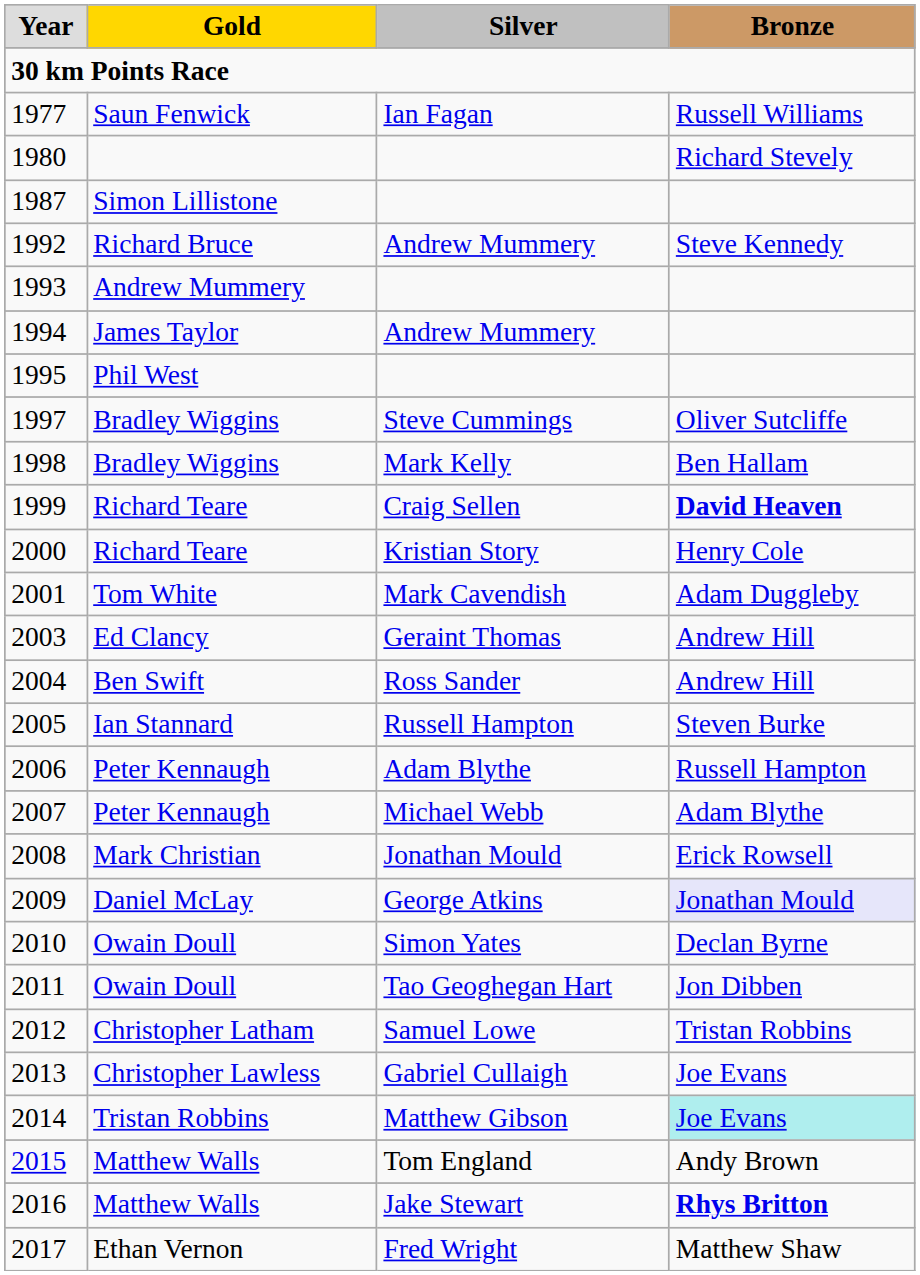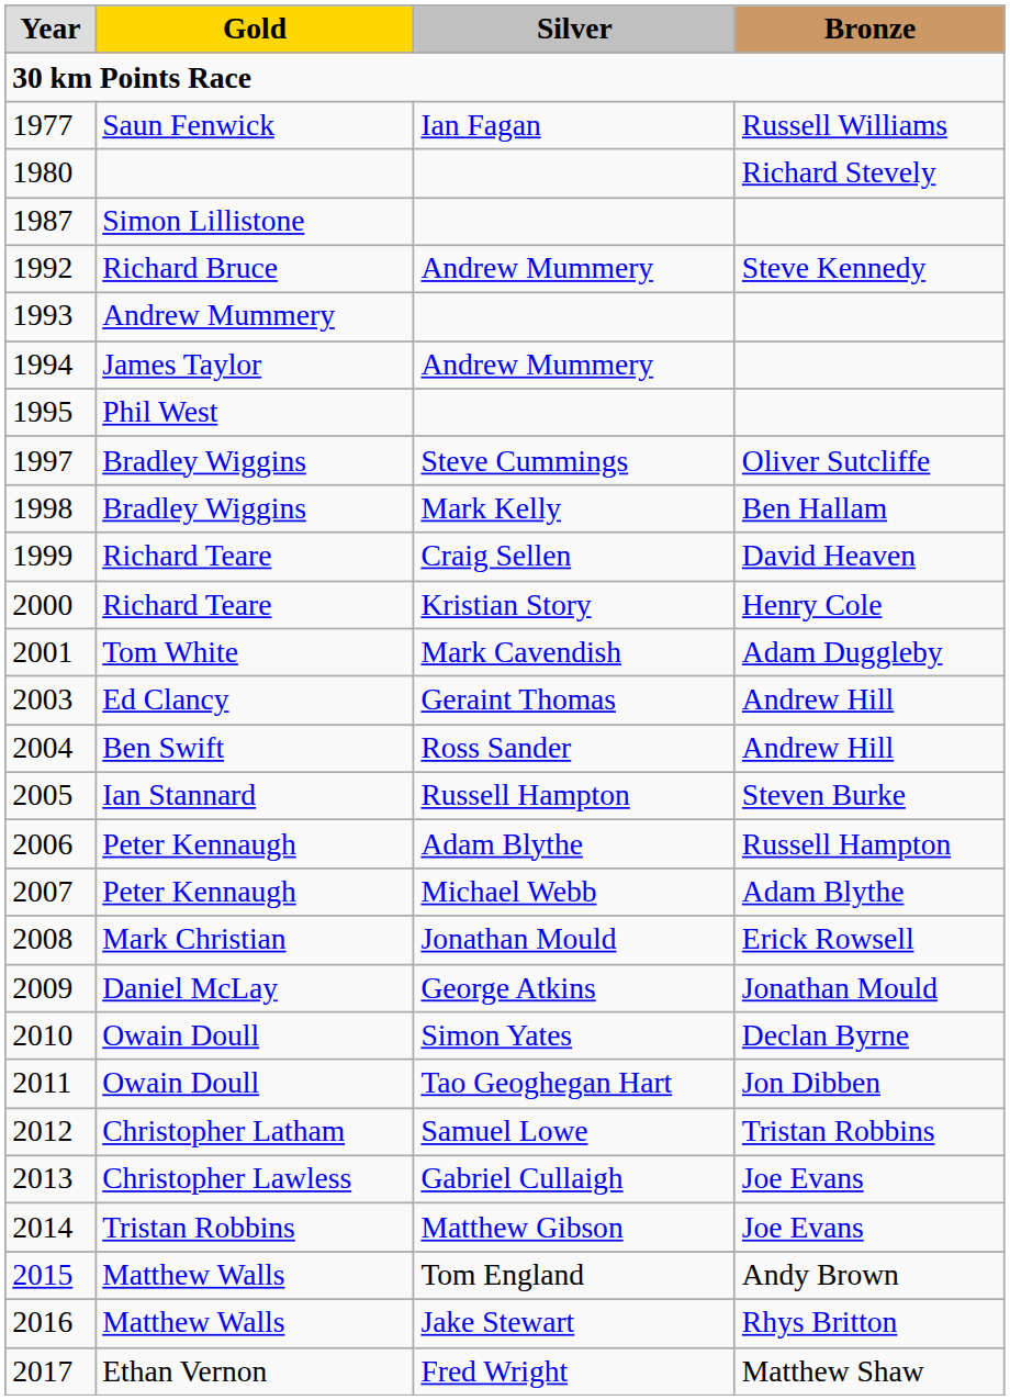 <table class="wikitable" style="width: 60%; text-align:left;">
 <tr style="text-align:center; font-weight:bold;">
 <td style="background:#ddd; ">Year</td>
 <td style="background:gold; ">Gold</td>
 <td style="background:silver; ">Silver</td>
 <td style="background:#c96; ">Bronze</td>
 </tr>
 <tr>
 <td colspan=4><strong>30 km Points Race</strong></td>
 </tr>
 <tr>
 <td>1977</td>
 <td><a href='#'>Saun Fenwick</a></td>
 <td><a href='#'>Ian Fagan</a></td>
 <td><a href='#'>Russell Williams</a></td>
 </tr>
 <tr>
 <td>1980</td>
 <td></td>
 <td></td>
 <td><a href='#'>Richard Stevely</a></td>
 </tr>
 <tr>
 <td>1987</td>
 <td><a href='#'>Simon Lillistone</a></td>
 <td></td>
 <td></td>
 </tr>
 <tr>
 <td>1992</td>
 <td><a href='#'>Richard Bruce</a></td>
 <td><a href='#'>Andrew Mummery</a></td>
 <td><a href='#'>Steve Kennedy</a></td>
 </tr>
 <tr>
 <td>1993</td>
 <td><a href='#'>Andrew Mummery</a></td>
 <td></td>
 <td></td>
 </tr>
 <tr>
 <td>1994</td>
 <td><a href='#'>James Taylor</a></td>
 <td><a href='#'>Andrew Mummery</a></td>
 <td></td>
 </tr>
 <tr>
 <td>1995</td>
 <td><a href='#'>Phil West</a></td>
 <td></td>
 <td></td>
 </tr>
 <tr>
 <td>1997</td>
 <td><a href='#'>Bradley Wiggins</a></td>
 <td><a href='#'>Steve Cummings</a></td>
 <td><a href='#'>Oliver Sutcliffe</a></td>
 </tr>
 <tr>
 <td>1998</td>
 <td><a href='#'>Bradley Wiggins</a></td>
 <td><a href='#'>Mark Kelly</a></td>
 <td><a href='#'>Ben Hallam</a></td>
 </tr>
 <tr>
 <td>1999</td>
 <td><a href='#'>Richard Teare</a></td>
 <td><a href='#'>Craig Sellen</a></td>
-<td><strong><a href='#'>David Heaven</a></strong></td>
+<td><a href='#'>David Heaven</a></td>
 </tr>
 <tr>
 <td>2000</td>
 <td><a href='#'>Richard Teare</a></td>
 <td><a href='#'>Kristian Story</a></td>
 <td><a href='#'>Henry Cole</a></td>
 </tr>
 <tr>
 <td>2001</td>
 <td><a href='#'>Tom White</a></td>
 <td><a href='#'>Mark Cavendish</a></td>
 <td><a href='#'>Adam Duggleby</a></td>
 </tr>
 <tr>
 <td>2003</td>
 <td><a href='#'>Ed Clancy</a></td>
 <td><a href='#'>Geraint Thomas</a></td>
 <td><a href='#'>Andrew Hill</a></td>
 </tr>
 <tr>
 <td>2004</td>
 <td><a href='#'>Ben Swift</a></td>
 <td><a href='#'>Ross Sander</a></td>
 <td><a href='#'>Andrew Hill</a></td>
 </tr>
 <tr>
 <td>2005</td>
 <td><a href='#'>Ian Stannard</a></td>
 <td><a href='#'>Russell Hampton</a></td>
 <td><a href='#'>Steven Burke</a></td>
 </tr>
 <tr>
 <td>2006</td>
 <td><a href='#'>Peter Kennaugh</a></td>
 <td><a href='#'>Adam Blythe</a></td>
 <td><a href='#'>Russell Hampton</a></td>
 </tr>
 <tr>
 <td>2007</td>
 <td><a href='#'>Peter Kennaugh</a></td>
 <td><a href='#'>Michael Webb</a></td>
 <td><a href='#'>Adam Blythe</a></td>
 </tr>
 <tr>
 <td>2008</td>
 <td><a href='#'>Mark Christian</a></td>
 <td><a href='#'>Jonathan Mould</a></td>
 <td><a href='#'>Erick Rowsell</a></td>
 </tr>
 <tr>
 <td>2009</td>
 <td><a href='#'>Daniel McLay</a></td>
 <td><a href='#'>George Atkins</a></td>
-<td style="background: lavender;"><a href='#'>Jonathan Mould</a></td>
+<td><a href='#'>Jonathan Mould</a></td>
 </tr>
 <tr>
 <td>2010</td>
 <td><a href='#'>Owain Doull</a></td>
 <td><a href='#'>Simon Yates</a></td>
 <td><a href='#'>Declan Byrne</a></td>
 </tr>
 <tr>
 <td>2011</td>
 <td><a href='#'>Owain Doull</a></td>
 <td><a href='#'>Tao Geoghegan Hart</a></td>
 <td><a href='#'>Jon Dibben</a></td>
 </tr>
 <tr>
 <td>2012</td>
 <td><a href='#'>Christopher Latham</a></td>
 <td><a href='#'>Samuel Lowe</a></td>
 <td><a href='#'>Tristan Robbins</a></td>
 </tr>
 <tr>
 <td>2013</td>
 <td><a href='#'>Christopher Lawless</a></td>
 <td><a href='#'>Gabriel Cullaigh</a></td>
 <td><a href='#'>Joe Evans</a></td>
 </tr>
 <tr>
 <td>2014</td>
 <td><a href='#'>Tristan Robbins</a></td>
 <td><a href='#'>Matthew Gibson</a></td>
-<td style="background: paleturquoise;"><a href='#'>Joe Evans</a></td>
+<td><a href='#'>Joe Evans</a></td>
 </tr>
 <tr>
 <td><a href='#'>2015</a></td>
 <td><a href='#'>Matthew Walls</a></td>
 <td>Tom England</td>
 <td>Andy Brown</td>
 </tr>
 <tr>
 <td>2016</td>
 <td><a href='#'>Matthew Walls</a></td>
 <td><a href='#'>Jake Stewart</a></td>
-<td><strong><a href='#'>Rhys Britton</a></strong></td>
+<td><a href='#'>Rhys Britton</a></td>
 </tr>
 <tr>
 <td>2017</td>
 <td>Ethan Vernon</td>
 <td><a href='#'>Fred Wright</a></td>
 <td>Matthew Shaw</td>
 </tr>
 </table>
